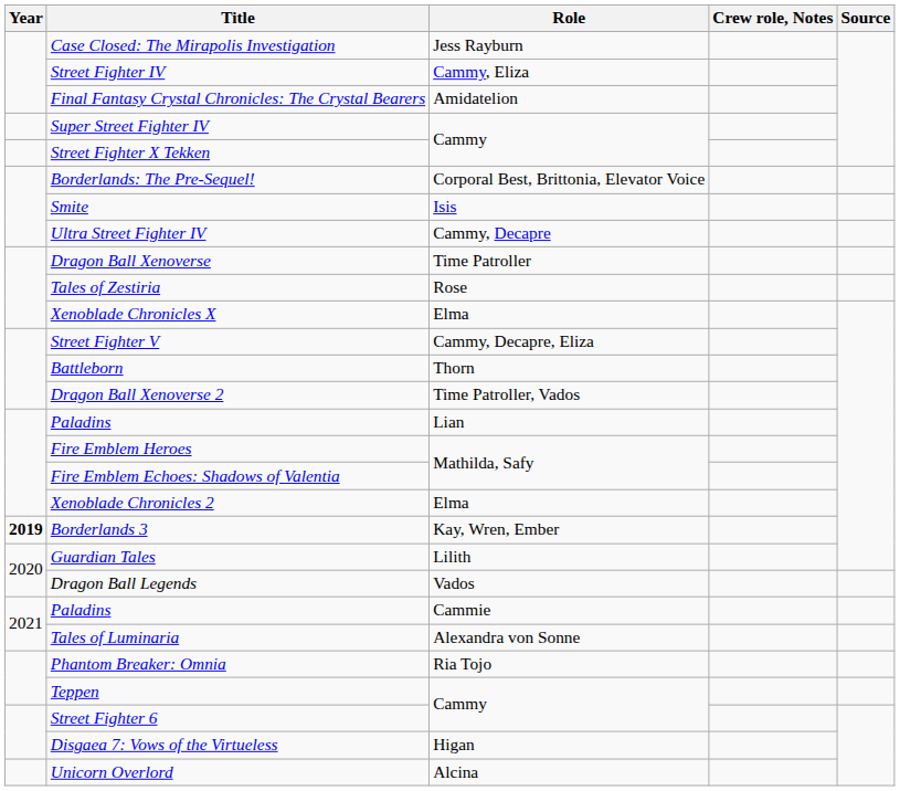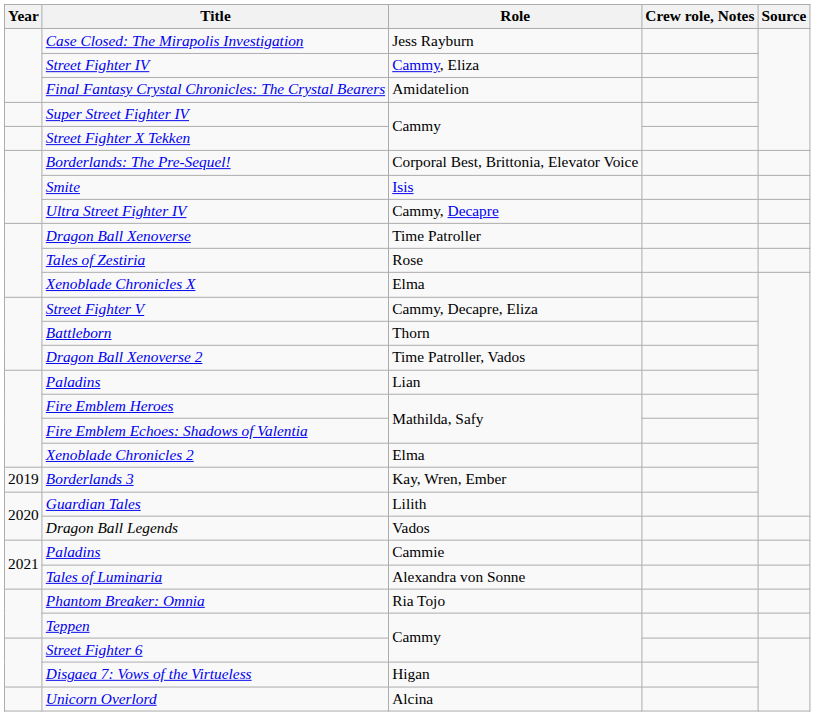 <table class="wikitable sortable plainrowheaders">
 <tr>
 <th>Year</th>
 <th>Title</th>
 <th>Role</th>
 <th>Crew role, Notes</th>
 <th class="unsortable">Source</th>
 </tr>
 <tr>
 <td rowspan="3"></td>
 <td><em><a href='#'>Case Closed: The Mirapolis Investigation</a></em></td>
 <td>Jess Rayburn</td>
 <td></td>
 <td rowspan="5"></td>
 </tr>
 <tr>
 <td><em><a href='#'>Street Fighter IV</a></em></td>
 <td><a href='#'>Cammy</a>, Eliza</td>
 <td></td>
 </tr>
 <tr>
 <td><em><a href='#'>Final Fantasy Crystal Chronicles: The Crystal Bearers</a></em></td>
 <td>Amidatelion</td>
 <td></td>
 </tr>
 <tr>
 <td></td>
 <td><em><a href='#'>Super Street Fighter IV</a></em></td>
 <td rowspan="2">Cammy</td>
 <td></td>
 </tr>
 <tr>
 <td></td>
 <td><em><a href='#'>Street Fighter X Tekken</a></em></td>
 <td></td>
 </tr>
 <tr>
 <td rowspan="3"></td>
 <td><em><a href='#'>Borderlands: The Pre-Sequel!</a></em></td>
 <td>Corporal Best, Brittonia, Elevator Voice</td>
 <td></td>
 <td></td>
 </tr>
 <tr>
 <td><em><a href='#'>Smite</a></em></td>
 <td><a href='#'>Isis</a></td>
 <td></td>
 <td></td>
 </tr>
 <tr>
 <td><em><a href='#'>Ultra Street Fighter IV</a></em></td>
 <td>Cammy, <a href='#'>Decapre</a></td>
 <td></td>
 <td></td>
 </tr>
 <tr>
 <td rowspan="3"></td>
 <td><em><a href='#'>Dragon Ball Xenoverse</a></em></td>
 <td>Time Patroller</td>
 <td></td>
 <td></td>
 </tr>
 <tr>
 <td><em><a href='#'>Tales of Zestiria</a></em></td>
 <td>Rose</td>
 <td></td>
 <td></td>
 </tr>
 <tr>
 <td><em><a href='#'>Xenoblade Chronicles X</a></em></td>
 <td>Elma</td>
 <td></td>
 <td rowspan="10"></td>
 </tr>
 <tr>
 <td rowspan="3"></td>
 <td><em><a href='#'>Street Fighter V</a></em></td>
 <td>Cammy, Decapre, Eliza</td>
 <td></td>
 </tr>
 <tr>
 <td><em><a href='#'>Battleborn</a></em></td>
 <td>Thorn</td>
 <td></td>
 </tr>
 <tr>
 <td><em><a href='#'>Dragon Ball Xenoverse 2</a></em></td>
 <td>Time Patroller, Vados</td>
 <td></td>
 </tr>
 <tr>
 <td rowspan="4"></td>
 <td><em><a href='#'>Paladins</a></em></td>
 <td>Lian</td>
 <td></td>
 </tr>
 <tr>
 <td><em><a href='#'>Fire Emblem Heroes</a></em></td>
 <td rowspan="2">Mathilda, Safy</td>
 <td></td>
 </tr>
 <tr>
 <td><em><a href='#'>Fire Emblem Echoes: Shadows of Valentia</a></em></td>
 <td></td>
 </tr>
 <tr>
 <td><em><a href='#'>Xenoblade Chronicles 2</a></em></td>
 <td>Elma</td>
 <td></td>
 </tr>
 <tr>
-<td><strong>2019</strong></td>
+<td>2019</td>
 <td><em><a href='#'>Borderlands 3</a></em></td>
 <td>Kay, Wren, Ember</td>
 <td></td>
 </tr>
 <tr>
 <td rowspan="2">2020</td>
 <td><em><a href='#'>Guardian Tales</a></em></td>
 <td>Lilith</td>
 <td></td>
 </tr>
 <tr>
 <td><em>Dragon Ball Legends</em></td>
 <td>Vados</td>
 <td></td>
 <td></td>
 </tr>
 <tr>
 <td rowspan="2">2021</td>
 <td><em><a href='#'>Paladins</a></em></td>
 <td>Cammie</td>
 <td></td>
 <td></td>
 </tr>
 <tr>
 <td><em><a href='#'>Tales of Luminaria</a></em></td>
 <td>Alexandra von Sonne</td>
 <td></td>
 <td></td>
 </tr>
 <tr>
 <td rowspan="2"></td>
 <td><em><a href='#'>Phantom Breaker: Omnia</a></em></td>
 <td>Ria Tojo</td>
 <td></td>
 <td></td>
 </tr>
 <tr>
 <td><em><a href='#'>Teppen</a></em></td>
 <td rowspan="2">Cammy</td>
 <td></td>
 <td></td>
 </tr>
 <tr>
 <td rowspan="2"></td>
 <td><em><a href='#'>Street Fighter 6</a></em></td>
 <td></td>
 <td rowspan="3"></td>
 </tr>
 <tr>
 <td><em><a href='#'>Disgaea 7: Vows of the Virtueless</a></em></td>
 <td>Higan</td>
 <td></td>
 </tr>
 <tr>
 <td></td>
 <td><em><a href='#'>Unicorn Overlord</a></em></td>
 <td>Alcina</td>
 <td></td>
 </tr>
 </table>
